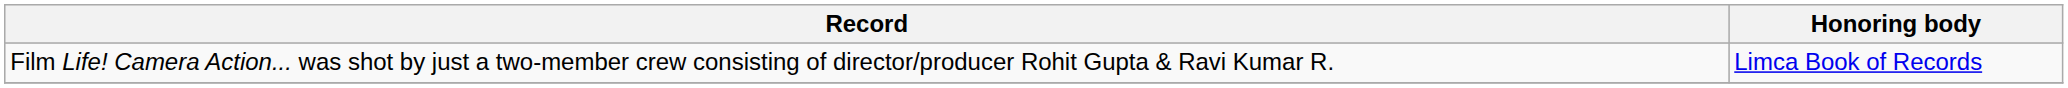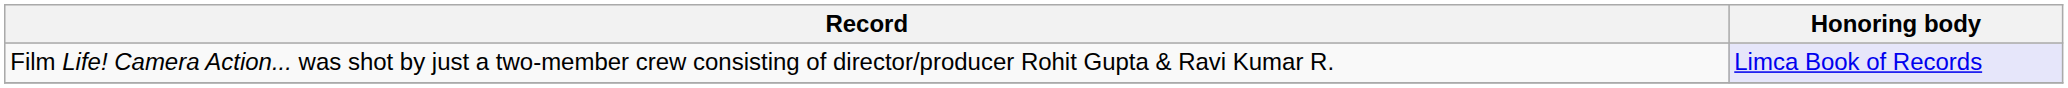 <table class="wikitable" style="width: 85%; font-size: 0.98em;">
 <tr>
 <th>Record</th>
 <th>Honoring body</th>
 </tr>
 <tr>
 <td>Film <em>Life! Camera Action...</em> was shot by just a two-member crew consisting of director/producer Rohit Gupta & Ravi Kumar R.</td>
-<td><a href='#'>Limca Book of Records</a></td>
+<td style="background: lavender;"><a href='#'>Limca Book of Records</a></td>
 </tr>
 <tr>
 </tr>
 </table>
